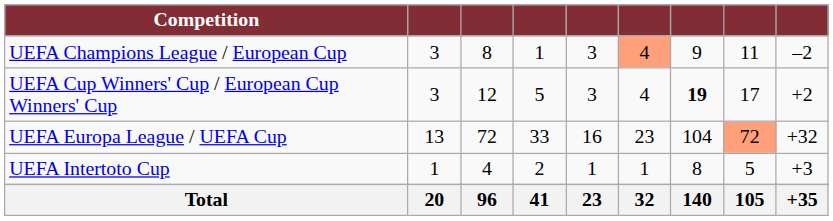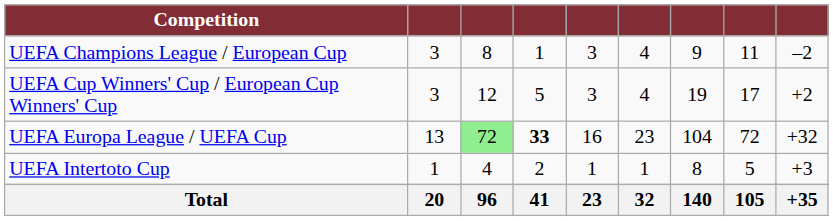 <table class="wikitable" style="text-align: center;">
 <tr>
 <th width="318" style="background:#822d35;color:#fefefe;border:1px solid #a6a7a9">Competition</th>
 <th width="35" style="background:#822d35;color:#fefefe;border:1px solid #a6a7a9"></th>
 <th width="35" style="background:#822d35;color:#fefefe;border:1px solid #a6a7a9"></th>
 <th width="35" style="background:#822d35;color:#fefefe;border:1px solid #a6a7a9"></th>
 <th width="35" style="background:#822d35;color:#fefefe;border:1px solid #a6a7a9"></th>
 <th width="35" style="background:#822d35;color:#fefefe;border:1px solid #a6a7a9"></th>
 <th width="35" style="background:#822d35;color:#fefefe;border:1px solid #a6a7a9"></th>
 <th width="35" style="background:#822d35;color:#fefefe;border:1px solid #a6a7a9"></th>
 <th width="35" style="background:#822d35;color:#fefefe;border:1px solid #a6a7a9"></th>
 </tr>
 <tr>
 <td align=left><a href='#'>UEFA Champions League</a> / <a href='#'>European Cup</a></td>
 <td>3</td>
 <td>8</td>
 <td>1</td>
 <td>3</td>
-<td style="background: lightsalmon;">4</td>
+<td>4</td>
 <td>9</td>
 <td>11</td>
 <td>–2</td>
 </tr>
 <tr>
 <td align=left><a href='#'>UEFA Cup Winners' Cup</a> / <a href='#'>European Cup Winners' Cup</a></td>
 <td>3</td>
 <td>12</td>
 <td>5</td>
 <td>3</td>
 <td>4</td>
-<td><strong>19</strong></td>
+<td>19</td>
 <td>17</td>
 <td>+2</td>
 </tr>
 <tr>
 <td align=left><a href='#'>UEFA Europa League</a> / <a href='#'>UEFA Cup</a></td>
 <td>13</td>
-<td>72</td>
-<td>33</td>
+<td style="background: lightgreen;">72</td>
+<td><strong>33</strong></td>
 <td>16</td>
 <td>23</td>
 <td>104</td>
-<td style="background: lightsalmon;">72</td>
+<td>72</td>
 <td>+32</td>
 </tr>
 <tr>
 <td align=left><a href='#'>UEFA Intertoto Cup</a></td>
 <td>1</td>
 <td>4</td>
 <td>2</td>
 <td>1</td>
 <td>1</td>
 <td>8</td>
 <td>5</td>
 <td>+3</td>
 </tr>
 <tr>
 </tr>
 <tr class="sortbottom">
 <th>Total</th>
 <th>20</th>
 <th>96</th>
 <th>41</th>
 <th>23</th>
 <th>32</th>
 <th>140</th>
 <th>105</th>
 <th>+35</th>
 </tr>
 </table>
